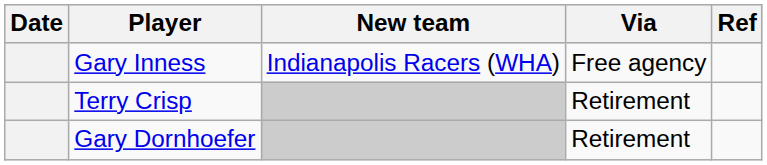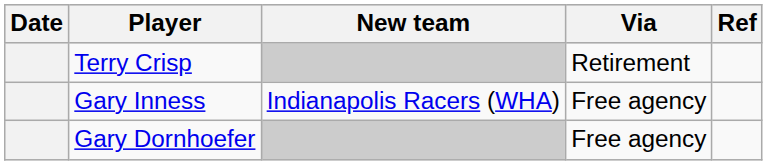 <table class="wikitable plainrowheaders">
 <tr style="background:#ddd; text-align:center;">
 <th>Date</th>
 <th>Player</th>
 <th>New team</th>
 <th>Via</th>
 <th>Ref</th>
 </tr>
 <tr>
 <th scope="row"></th>
+<td><a href='#'>Terry Crisp</a></td>
+<td style="background:#ccc"></td>
+<td>Retirement</td>
+<td></td>
+</tr>
+<tr>
+<th scope="row"></th>
 <td><a href='#'>Gary Inness</a></td>
 <td><a href='#'>Indianapolis Racers</a> (<a href='#'>WHA</a>)</td>
 <td>Free agency</td>
 <td></td>
 </tr>
 <tr>
 <th scope="row"></th>
-<td><a href='#'>Terry Crisp</a></td>
-<td style="background:#ccc"></td>
-<td>Retirement</td>
-<td></td>
-</tr>
-<tr>
-<th scope="row"></th>
 <td><a href='#'>Gary Dornhoefer</a></td>
 <td style="background:#ccc"></td>
-<td>Retirement</td>
+<td>Free agency</td>
 <td></td>
 </tr>
 </table>
